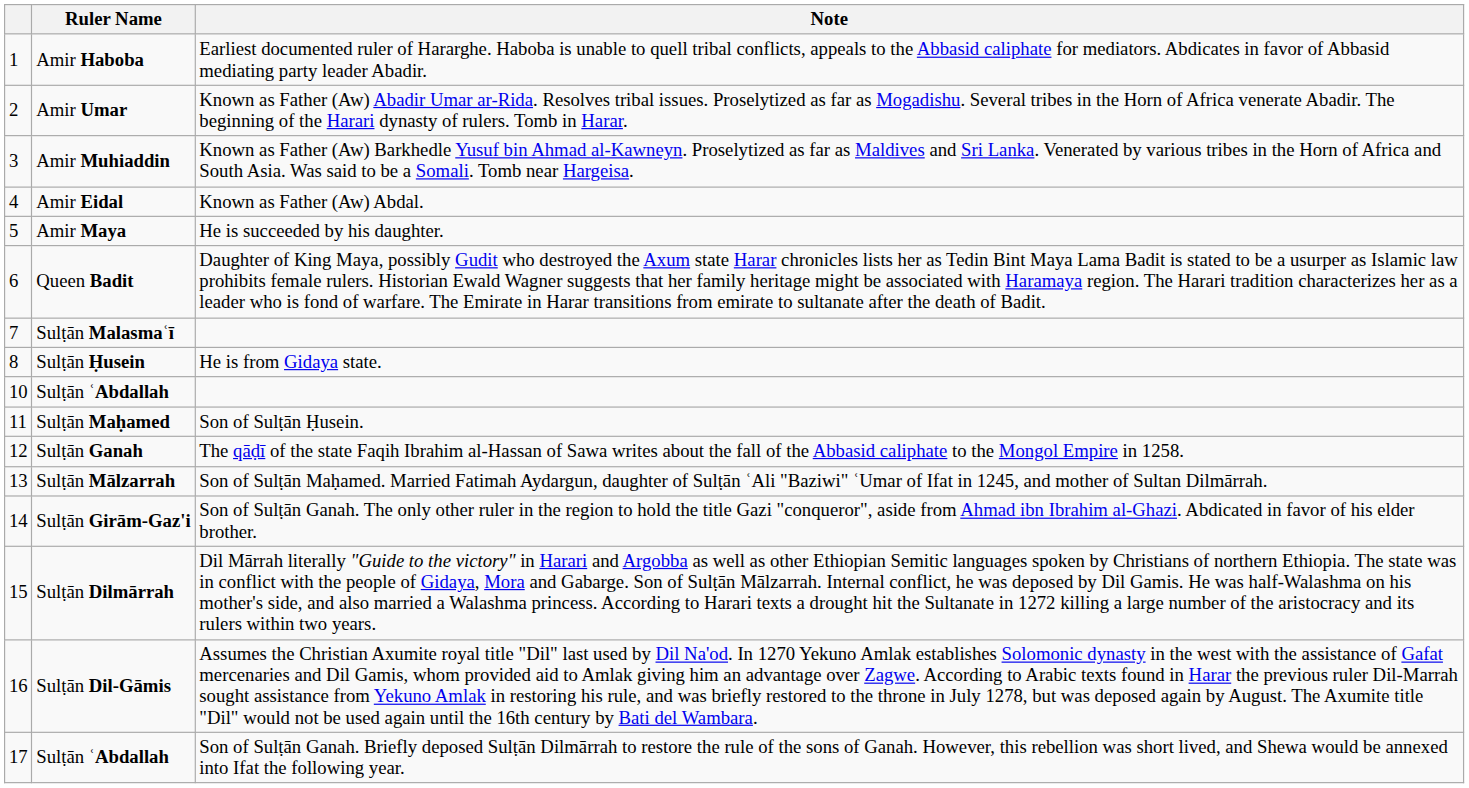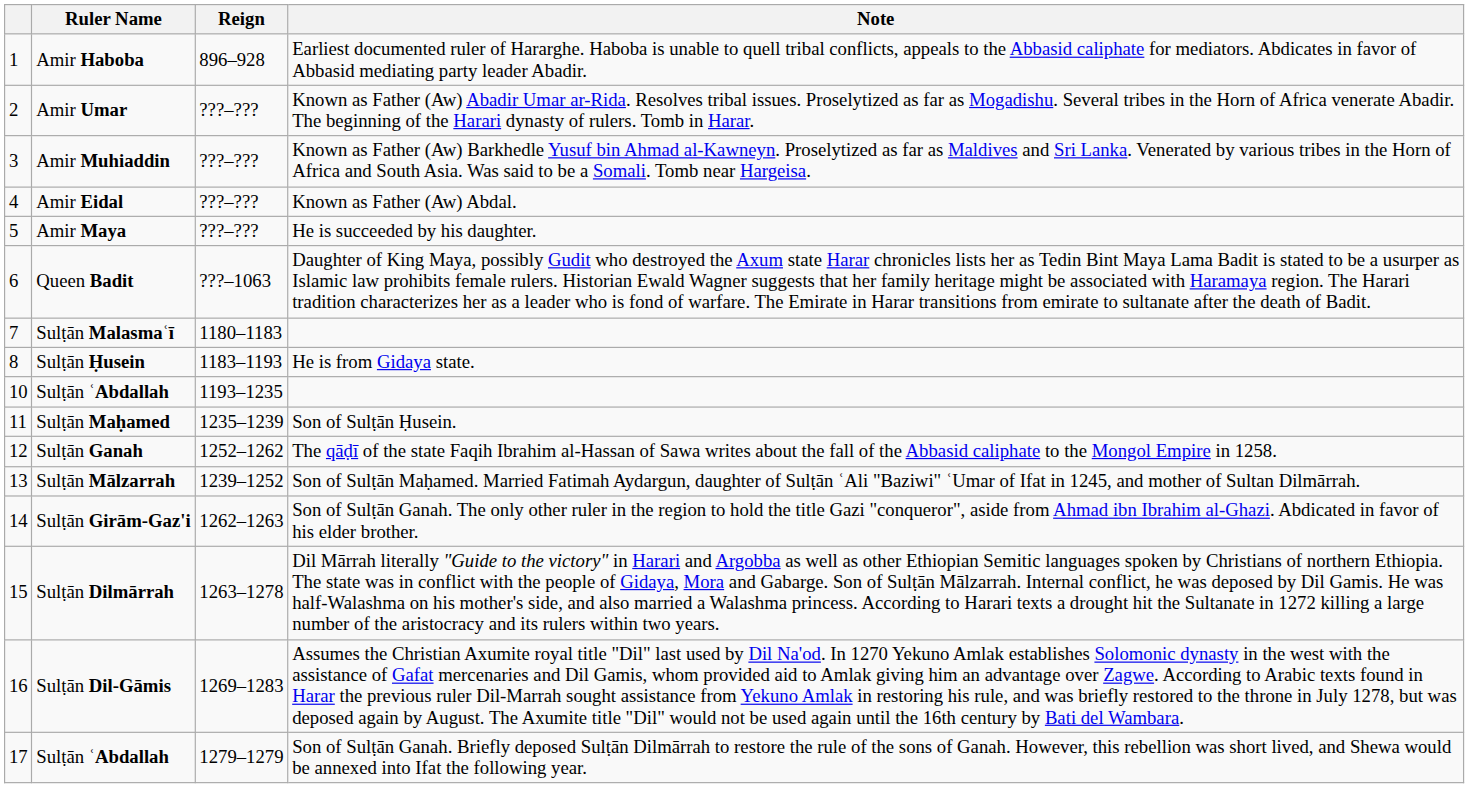 <table class="wikitable">
 <tr>
 <th></th>
 <th>Ruler Name</th>
+<th>Reign</th>
 <th>Note</th>
 </tr>
 <tr>
 <td>1</td>
 <td style=white-space:nowrap>Amir <strong>Haboba</strong></td>
+<td style=white-space:nowrap>896–928</td>
 <td>Earliest documented ruler of Hararghe. Haboba is unable to quell tribal conflicts, appeals to the <a href='#'>Abbasid caliphate</a> for mediators. Abdicates in favor of Abbasid mediating party leader Abadir.</td>
 </tr>
 <tr>
 <td>2</td>
 <td style=white-space:nowrap>Amir <strong>Umar</strong></td>
+<td style=white-space:nowrap>???–???</td>
 <td>Known as Father (Aw) <a href='#'>Abadir Umar ar-Rida</a>. Resolves tribal issues. Proselytized as far as <a href='#'>Mogadishu</a>. Several tribes in the Horn of Africa venerate Abadir. The beginning of the <a href='#'>Harari</a> dynasty of rulers. Tomb in <a href='#'>Harar</a>.</td>
 </tr>
 <tr>
 <td>3</td>
 <td style=white-space:nowrap>Amir <strong>Muhiaddin</strong></td>
+<td style=white-space:nowrap>???–???</td>
 <td>Known as Father (Aw) Barkhedle <a href='#'>Yusuf bin Ahmad al-Kawneyn</a>. Proselytized as far as <a href='#'>Maldives</a> and <a href='#'>Sri Lanka</a>. Venerated by various tribes in the Horn of Africa and South Asia. Was said to be a <a href='#'>Somali</a>. Tomb near <a href='#'>Hargeisa</a>.</td>
 </tr>
 <tr>
 <td>4</td>
 <td style=white-space:nowrap>Amir <strong>Eidal</strong></td>
+<td style=white-space:nowrap>???–???</td>
 <td>Known as Father (Aw) Abdal.</td>
 </tr>
 <tr>
 <td>5</td>
 <td style=white-space:nowrap>Amir <strong>Maya</strong></td>
+<td style=white-space:nowrap>???–???</td>
 <td>He is succeeded by his daughter.</td>
 </tr>
 <tr>
 <td>6</td>
 <td style=white-space:nowrap>Queen <strong>Badit</strong></td>
+<td style=white-space:nowrap>???–1063</td>
 <td>Daughter of King Maya, possibly <a href='#'>Gudit</a> who destroyed the <a href='#'>Axum</a> state <a href='#'>Harar</a> chronicles lists her as Tedin Bint Maya Lama Badit is stated to be a usurper as Islamic law prohibits female rulers. Historian Ewald Wagner suggests that her family heritage might be associated with <a href='#'>Haramaya</a> region. The Harari tradition characterizes her as a leader who is fond of warfare. The Emirate in Harar transitions from emirate to sultanate after the death of Badit.</td>
 </tr>
 <tr>
 <td>7</td>
 <td style=white-space:nowrap>Sulṭān <strong>Malasmaʿī</strong></td>
+<td style=white-space:nowrap>1180–1183</td>
 <td></td>
 </tr>
 <tr>
 <td>8</td>
 <td style=white-space:nowrap>Sulṭān <strong>Ḥusein</strong></td>
+<td style=white-space:nowrap>1183–1193</td>
 <td>He is from <a href='#'>Gidaya</a> state.</td>
 </tr>
 <tr>
 <td>10</td>
 <td style=white-space:nowrap>Sulṭān <strong>ʿAbdallah</strong></td>
+<td style=white-space:nowrap>1193–1235</td>
 <td></td>
 </tr>
 <tr>
 <td>11</td>
 <td>Sulṭān <strong>Maḥamed</strong></td>
+<td style=white-space:nowrap>1235–1239</td>
 <td style=white-space:nowrap>Son of Sulṭān Ḥusein.</td>
 </tr>
 <tr>
 <td>12</td>
 <td style=white-space:nowrap>Sulṭān <strong>Ganah</strong></td>
+<td style=white-space:nowrap>1252–1262</td>
 <td>The <a href='#'>qāḍī</a> of the state Faqih Ibrahim al-Hassan of Sawa writes about the fall of the <a href='#'>Abbasid caliphate</a> to the <a href='#'>Mongol Empire</a> in 1258.</td>
 </tr>
 <tr>
 <td>13</td>
 <td style=white-space:nowrap>Sulṭān <strong>Mālzarrah</strong></td>
+<td style=white-space:nowrap>1239–1252</td>
 <td>Son of Sulṭān Maḥamed. Married Fatimah Aydargun, daughter of Sulṭān ʿAli "Baziwi" ʿUmar of Ifat in 1245, and mother of Sultan Dilmārrah.</td>
 </tr>
 <tr>
 <td>14</td>
 <td style=white-space:nowrap>Sulṭān <strong>Girām-Gaz'i</strong></td>
+<td style=white-space:nowrap>1262–1263</td>
 <td>Son of Sulṭān Ganah. The only other ruler in the region to hold the title Gazi "conqueror", aside from <a href='#'>Ahmad ibn Ibrahim al-Ghazi</a>. Abdicated in favor of his elder brother.</td>
 </tr>
 <tr>
 <td>15</td>
 <td style=white-space:nowrap>Sulṭān <strong>Dilmārrah</strong></td>
+<td style=white-space:nowrap>1263–1278</td>
 <td>Dil Mārrah literally <em>"Guide to the victory"</em> in <a href='#'>Harari</a> and <a href='#'>Argobba</a> as well as other Ethiopian Semitic languages spoken by Christians of northern Ethiopia. The state was in conflict with the people of <a href='#'>Gidaya</a>, <a href='#'>Mora</a> and Gabarge. Son of Sulṭān Mālzarrah. Internal conflict, he was deposed by Dil Gamis. He was half-Walashma on his mother's side, and also married a Walashma princess. According to Harari texts a drought hit the Sultanate in 1272 killing a large number of the aristocracy and its rulers within two years.</td>
 </tr>
 <tr>
 <td>16</td>
 <td style=white-space:nowrap>Sulṭān <strong>Dil-Gāmis</strong></td>
+<td style=white-space:nowrap>1269–1283</td>
 <td>Assumes the Christian Axumite royal title "Dil" last used by <a href='#'>Dil Na'od</a>. In 1270 Yekuno Amlak establishes <a href='#'>Solomonic dynasty</a> in the west with the assistance of <a href='#'>Gafat</a> mercenaries and Dil Gamis, whom provided aid to Amlak giving him an advantage over <a href='#'>Zagwe</a>. According to Arabic texts found in <a href='#'>Harar</a> the previous ruler Dil-Marrah sought assistance from <a href='#'>Yekuno Amlak</a> in restoring his rule, and was briefly restored to the throne in July 1278, but was deposed again by August. The Axumite title "Dil" would not be used again until the 16th century by  <a href='#'>Bati del Wambara</a>.</td>
 </tr>
 <tr>
 <td>17</td>
 <td style=white-space:nowrap>Sulṭān <strong>ʿAbdallah</strong></td>
+<td style=white-space:nowrap>1279–1279</td>
 <td>Son of Sulṭān Ganah. Briefly deposed Sulṭān Dilmārrah to restore the rule of the sons of Ganah. However, this rebellion was short lived, and Shewa would be annexed into Ifat the following year.</td>
 </tr>
 </table>
